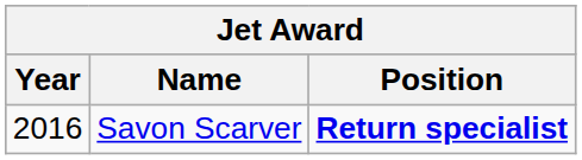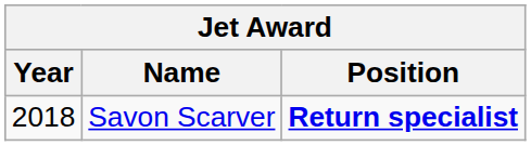 <table class="wikitable">
 <tr align="center">
 <th colspan=5>Jet Award</th>
 </tr>
 <tr>
 <th>Year</th>
 <th>Name</th>
 <th>Position</th>
 </tr>
 <tr align="center" bgcolor="">
-<td>2016</td>
+<td>2018</td>
 <td><a href='#'>Savon Scarver</a></td>
 <td><strong><a href='#'>Return specialist</a></strong></td>
 </tr>
 </table>
